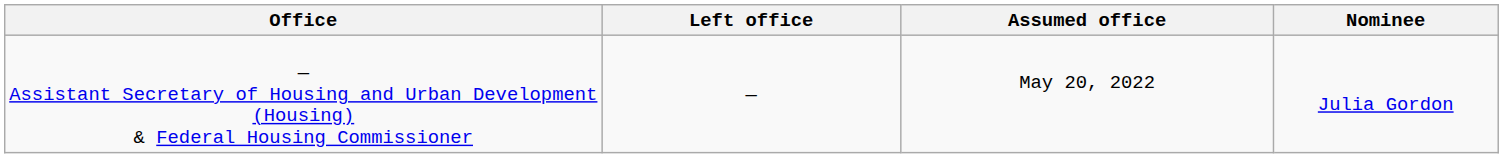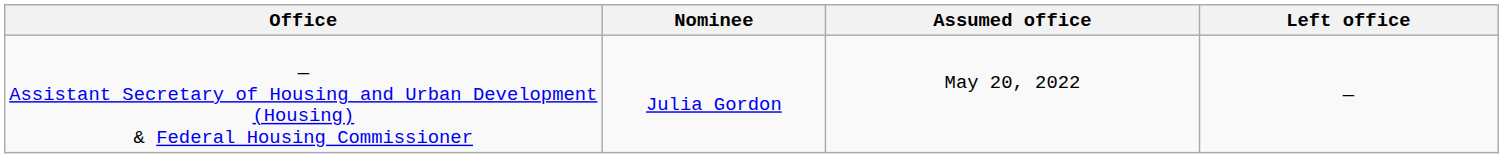 <table class="wikitable sortable" style="text-align:center">
 <tr>
 <th style="width:40%;">Office</th>
+<th style="width:15%;">Nominee</th>
+<th style="width:25%;" data-sort-type="date">Assumed office</th>
 <th style="width:20%;" data-sort-type="date">Left office</th>
-<th style="width:25%;" data-sort-type="date">Assumed office</th>
-<th style="width:15%;">Nominee</th>
 </tr>
 <tr>
 <td><br>—<br><a href='#'>Assistant Secretary of Housing and Urban Development<br>(Housing)</a><br>& <a href='#'>Federal Housing Commissioner</a></td>
+<td><br><a href='#'>Julia Gordon</a></td>
+<td>May 20, 2022<br><br> </td>
 <td>—</td>
-<td>May 20, 2022<br><br> </td>
-<td><br><a href='#'>Julia Gordon</a></td>
 </tr>
 </table>
